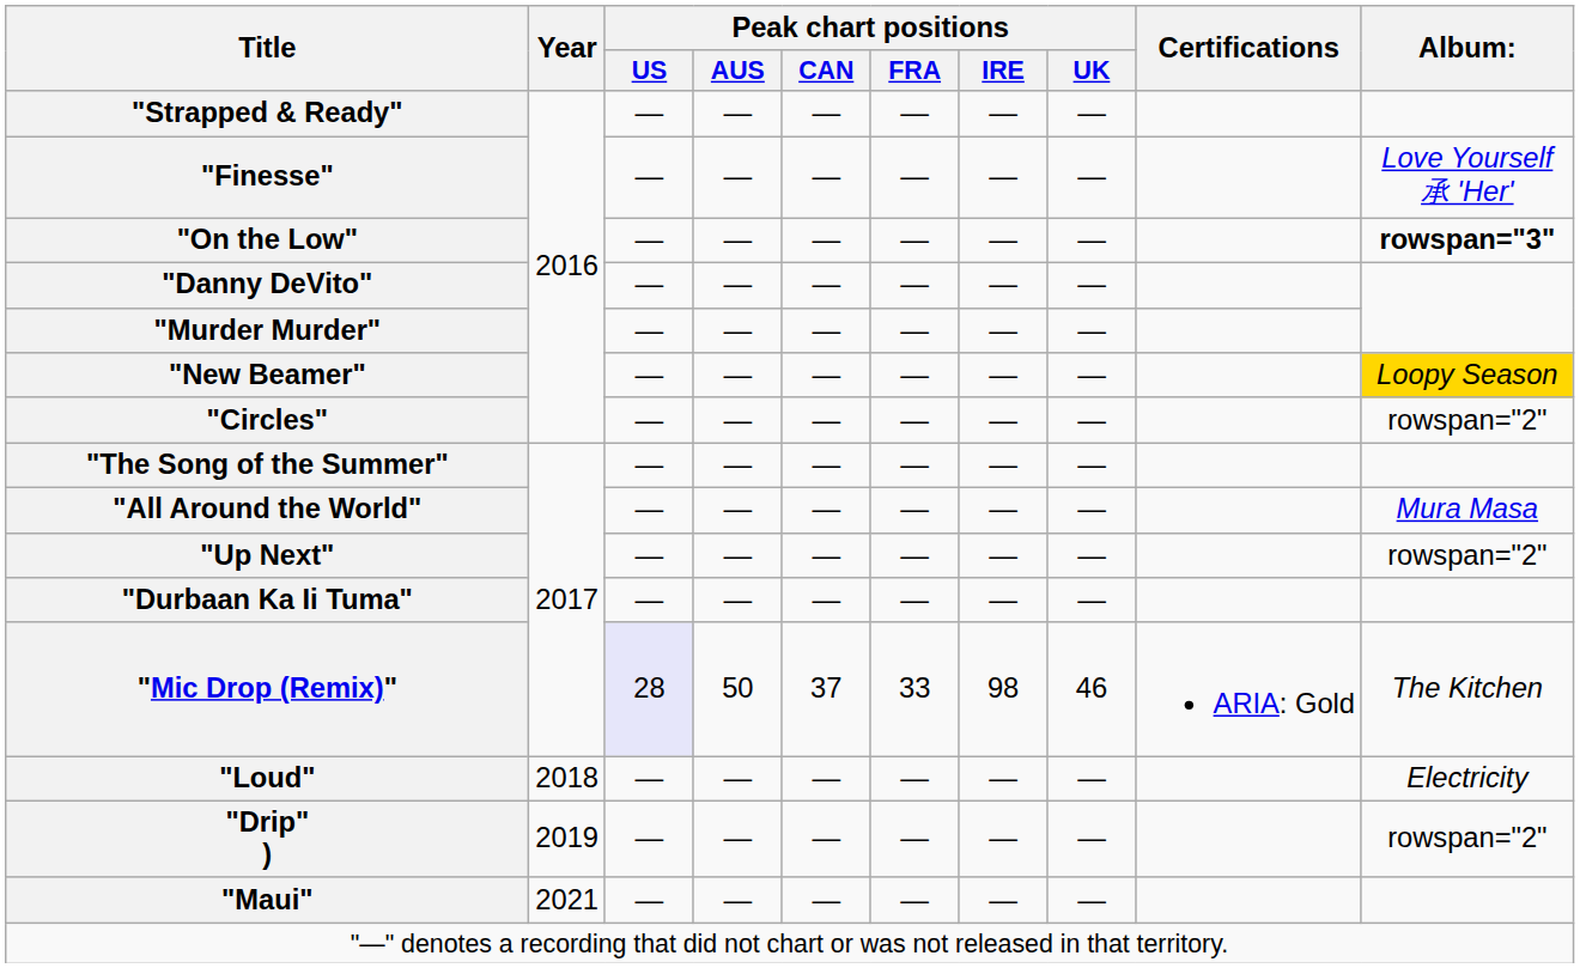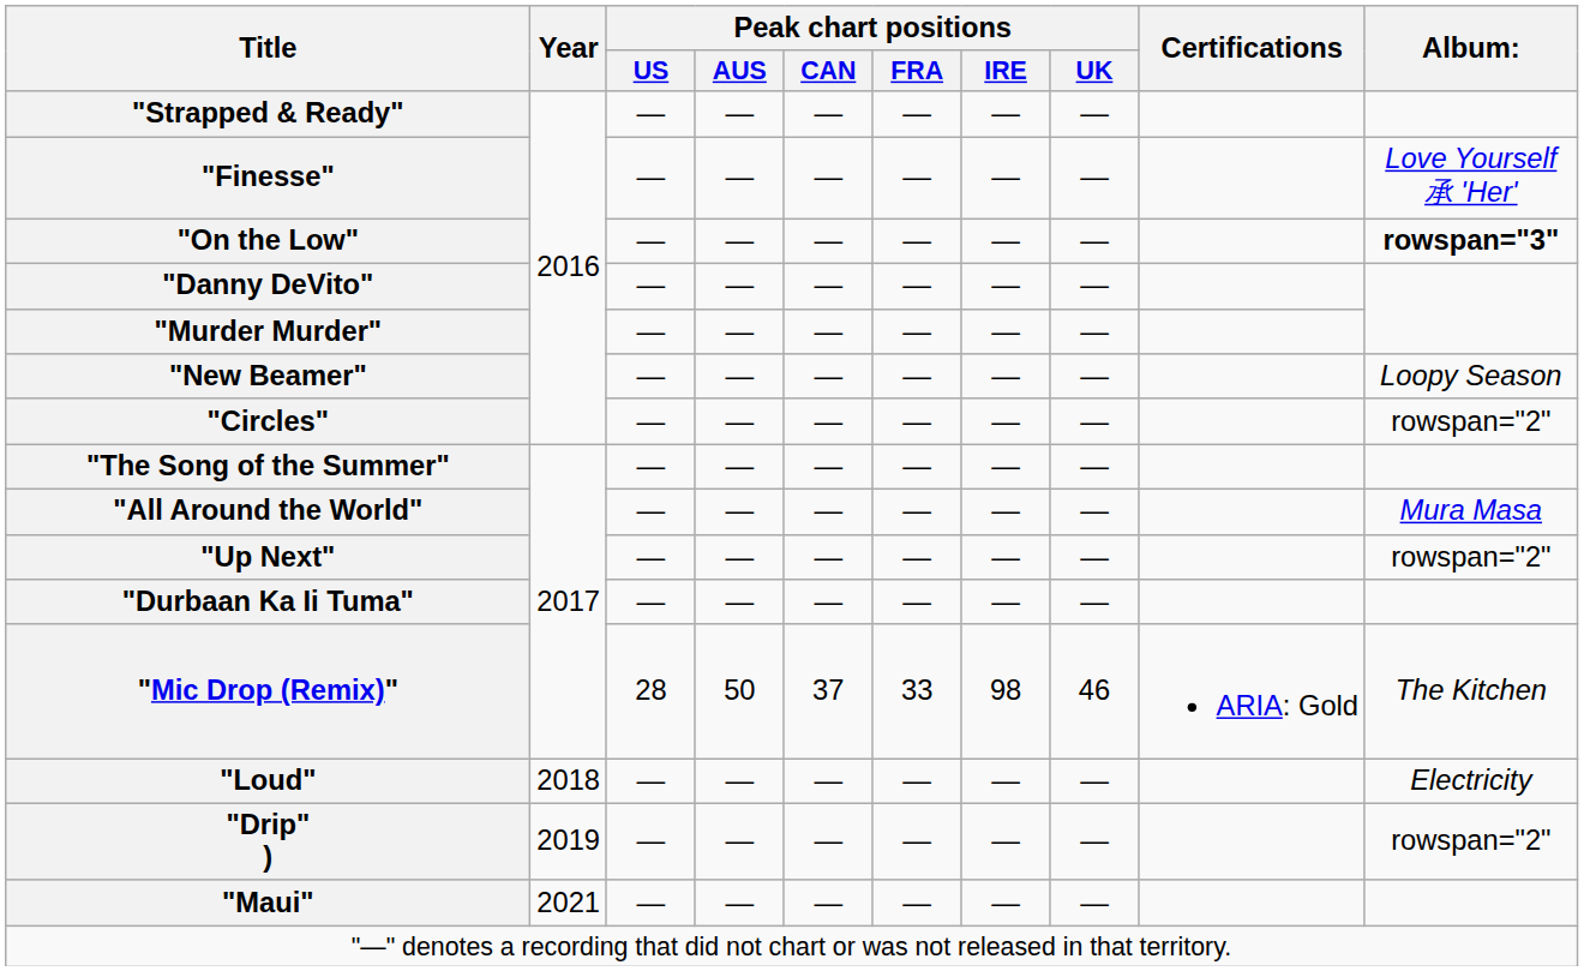 <table class="wikitable plainrowheaders" style="text-align:center;">
 <tr>
 <th scope="col" rowspan="2" style="width:18em;">Title</th>
 <th scope="col" rowspan="2" style="width:1em;">Year</th>
 <th colspan="6" scope="col">Peak chart positions</th>
 <th scope="col" rowspan="2">Certifications</th>
 <th scope="col" rowspan="2" style="width: 7em;">Album:</th>
 </tr>
 <tr>
 <th scope="col" style="width:3em;font-size:90%;"><a href='#'>US</a><br></th>
 <th scope="col" style="width:3em;font-size:90%;"><a href='#'>AUS</a><br></th>
 <th scope="col" style="width:3em;font-size:90%;"><a href='#'>CAN</a><br></th>
 <th scope="col" style="width:3em;font-size:90%;"><a href='#'>FRA</a><br></th>
 <th scope="col" style="width:3em;font-size:90%;"><a href='#'>IRE</a><br></th>
 <th scope="col" style="width:3em;font-size:90%;"><a href='#'>UK</a><br></th>
 </tr>
 <tr>
 <th scope="row">"Strapped & Ready"<br></th>
 <td rowspan="7">2016</td>
 <td>—</td>
 <td>—</td>
 <td>—</td>
 <td>—</td>
 <td>—</td>
 <td>—</td>
 <td></td>
 <td></td>
 </tr>
 <tr>
 <th scope="row">"Finesse"<br></th>
 <td>—</td>
 <td>—</td>
 <td>—</td>
 <td>—</td>
 <td>—</td>
 <td>—</td>
 <td></td>
 <td><em><a href='#'>Love Yourself 承 'Her'</a></em></td>
 </tr>
 <tr>
 <th scope="row">"On the Low"<br></th>
 <td>—</td>
 <td>—</td>
 <td>—</td>
 <td>—</td>
 <td>—</td>
 <td>—</td>
 <td></td>
 <td><strong>rowspan="3" </strong></td>
 </tr>
 <tr>
 <th scope="row">"Danny DeVito"<br></th>
 <td>—</td>
 <td>—</td>
 <td>—</td>
 <td>—</td>
 <td>—</td>
 <td>—</td>
 <td></td>
 </tr>
 <tr>
 <th scope="row">"Murder Murder"<br></th>
 <td>—</td>
 <td>—</td>
 <td>—</td>
 <td>—</td>
 <td>—</td>
 <td>—</td>
 <td></td>
 </tr>
 <tr>
 <th scope="row">"New Beamer"<br></th>
 <td>—</td>
 <td>—</td>
 <td>—</td>
 <td>—</td>
 <td>—</td>
 <td>—</td>
 <td></td>
-<td style="background: gold;"><em>Loopy Season</em></td>
+<td><em>Loopy Season</em></td>
 </tr>
 <tr>
 <th scope="row">"Circles"<br></th>
 <td>—</td>
 <td>—</td>
 <td>—</td>
 <td>—</td>
 <td>—</td>
 <td>—</td>
 <td></td>
 <td>rowspan="2" </td>
 </tr>
 <tr>
 <th scope="row">"The Song of the Summer"<br></th>
 <td rowspan="5">2017</td>
 <td>—</td>
 <td>—</td>
 <td>—</td>
 <td>—</td>
 <td>—</td>
 <td>—</td>
 <td></td>
 </tr>
 <tr>
 <th scope="row">"All Around the World"<br></th>
 <td>—</td>
 <td>—</td>
 <td>—</td>
 <td>—</td>
 <td>—</td>
 <td>—</td>
 <td></td>
 <td><em><a href='#'>Mura Masa</a></em></td>
 </tr>
 <tr>
 <th scope="row">"Up Next"<br></th>
 <td>—</td>
 <td>—</td>
 <td>—</td>
 <td>—</td>
 <td>—</td>
 <td>—</td>
 <td></td>
 <td>rowspan="2" </td>
 </tr>
 <tr>
 <th scope="row">"Durbaan Ka Ii Tuma"<br></th>
 <td>—</td>
 <td>—</td>
 <td>—</td>
 <td>—</td>
 <td>—</td>
 <td>—</td>
 <td></td>
 </tr>
 <tr>
 <th scope="row">"<a href='#'>Mic Drop (Remix)</a>"<br></th>
-<td style="background: lavender;">28</td>
+<td>28</td>
 <td>50</td>
 <td>37</td>
 <td>33</td>
 <td>98</td>
 <td>46</td>
 <td><br><ul><li><a href='#'>ARIA</a>: Gold</li></ul></td>
 <td><em>The Kitchen</em></td>
 </tr>
 <tr>
 <th scope="row">"Loud" <br></th>
 <td>2018</td>
 <td>—</td>
 <td>—</td>
 <td>—</td>
 <td>—</td>
 <td>—</td>
 <td>—</td>
 <td></td>
 <td><em>Electricity</em></td>
 </tr>
 <tr>
 <th scope="row">"Drip" <br>)</th>
 <td>2019</td>
 <td>—</td>
 <td>—</td>
 <td>—</td>
 <td>—</td>
 <td>—</td>
 <td>—</td>
 <td></td>
 <td>rowspan="2" </td>
 </tr>
 <tr>
 <th scope="row">"Maui"<br></th>
 <td>2021</td>
 <td>—</td>
 <td>—</td>
 <td>—</td>
 <td>—</td>
 <td>—</td>
 <td>—</td>
 <td></td>
 </tr>
 <tr>
 <td colspan="17" style="font-size:90%">"—" denotes a recording that did not chart or was not released in that territory.</td>
 </tr>
 </table>
